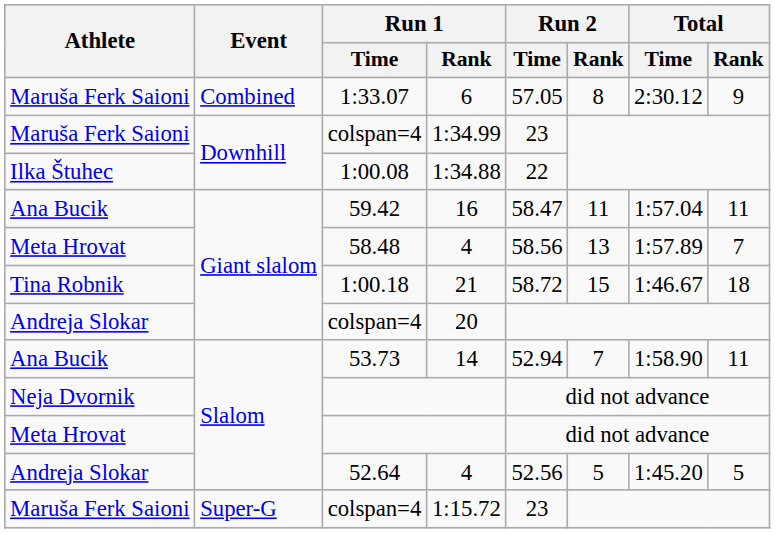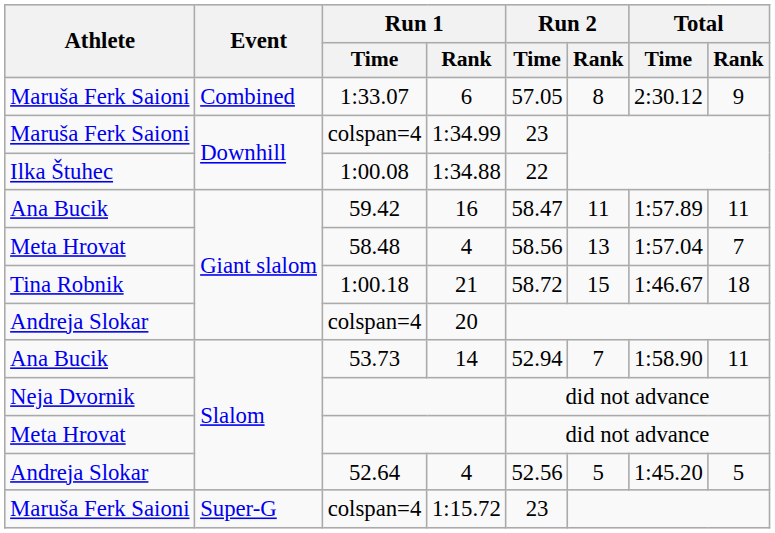 <table class="wikitable" style="font-size:90%">
 <tr>
 <th rowspan=2>Athlete</th>
 <th rowspan=2>Event</th>
 <th colspan=2>Run 1</th>
 <th colspan=2>Run 2</th>
 <th colspan=2>Total</th>
 </tr>
 <tr style="font-size:95%">
 <th>Time</th>
 <th>Rank</th>
 <th>Time</th>
 <th>Rank</th>
 <th>Time</th>
 <th>Rank</th>
 </tr>
 <tr align=center>
 <td align=left><a href='#'>Maruša Ferk Saioni</a></td>
 <td align=left><a href='#'>Combined</a></td>
 <td>1:33.07</td>
 <td>6</td>
 <td>57.05</td>
 <td>8</td>
 <td>2:30.12</td>
 <td>9</td>
 </tr>
 <tr align=center>
 <td align=left><a href='#'>Maruša Ferk Saioni</a></td>
 <td align=left rowspan=2><a href='#'>Downhill</a></td>
 <td>colspan=4  </td>
 <td>1:34.99</td>
 <td>23</td>
 </tr>
 <tr align=center>
 <td align=left><a href='#'>Ilka Štuhec</a></td>
 <td>1:00.08</td>
 <td>1:34.88</td>
 <td>22</td>
 </tr>
 <tr align=center>
 <td align=left><a href='#'>Ana Bucik</a></td>
 <td align=left rowspan=4><a href='#'>Giant slalom</a></td>
 <td>59.42</td>
 <td>16</td>
 <td>58.47</td>
 <td>11</td>
-<td>1:57.04</td>
+<td>1:57.89</td>
 <td>11</td>
 </tr>
 <tr align=center>
 <td align=left><a href='#'>Meta Hrovat</a></td>
 <td>58.48</td>
 <td>4</td>
 <td>58.56</td>
 <td>13</td>
-<td>1:57.89</td>
+<td>1:57.04</td>
 <td>7</td>
 </tr>
 <tr align=center>
 <td align=left><a href='#'>Tina Robnik</a></td>
 <td>1:00.18</td>
 <td>21</td>
 <td>58.72</td>
 <td>15</td>
 <td>1:46.67</td>
 <td>18</td>
 </tr>
 <tr align=center>
 <td align=left><a href='#'>Andreja Slokar</a></td>
 <td>colspan=4  </td>
 <td>20</td>
 <td colspan=4></td>
 </tr>
 <tr align=center>
 <td align=left><a href='#'>Ana Bucik</a></td>
 <td align=left rowspan=4><a href='#'>Slalom</a></td>
 <td>53.73</td>
 <td>14</td>
 <td>52.94</td>
 <td>7</td>
 <td>1:58.90</td>
 <td>11</td>
 </tr>
 <tr align=center>
 <td align=left><a href='#'>Neja Dvornik</a></td>
 <td colspan=2></td>
 <td colspan=4>did not advance</td>
 </tr>
 <tr align=center>
 <td align=left><a href='#'>Meta Hrovat</a></td>
 <td colspan=2></td>
 <td colspan=4>did not advance</td>
 </tr>
 <tr align=center>
 <td align=left><a href='#'>Andreja Slokar</a></td>
 <td>52.64</td>
 <td>4</td>
 <td>52.56</td>
 <td>5</td>
 <td>1:45.20</td>
 <td>5</td>
 </tr>
 <tr align=center>
 <td align=left><a href='#'>Maruša Ferk Saioni</a></td>
 <td align=left><a href='#'>Super-G</a></td>
 <td>colspan=4  </td>
 <td>1:15.72</td>
 <td>23</td>
 </tr>
 </table>
